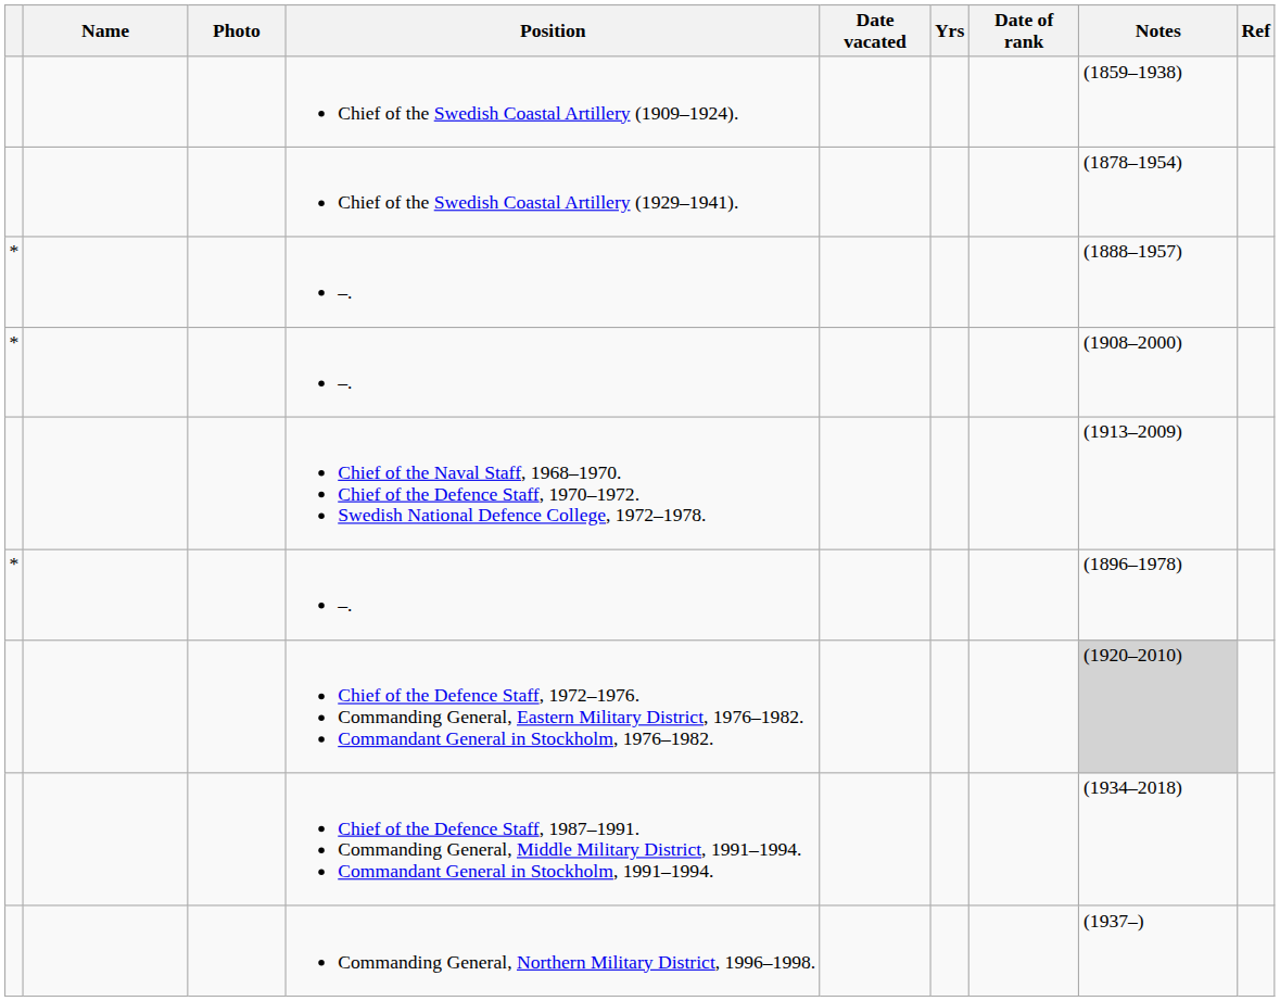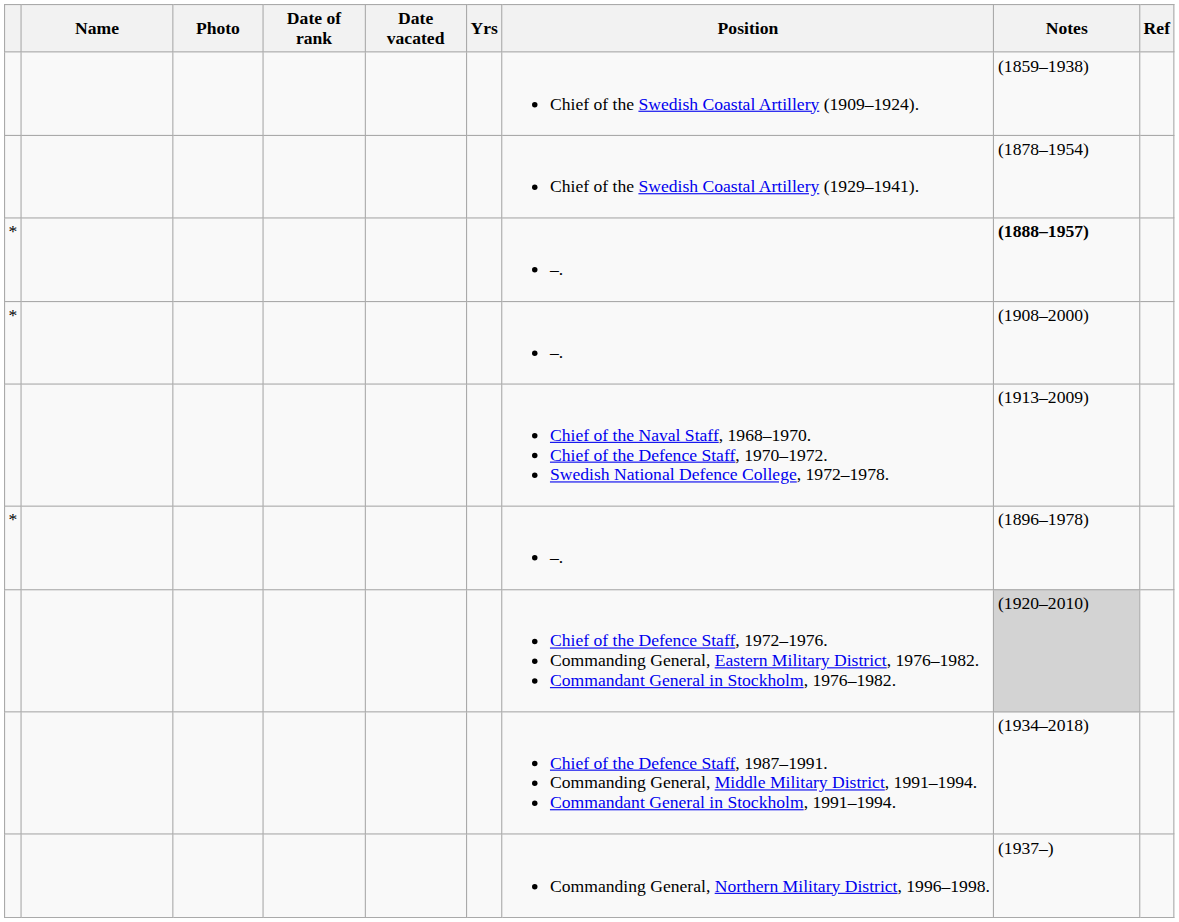 <table class="wikitable sortable">
 <tr>
 <th></th>
 <th width=130>Name</th>
 <th width=75 class="unsortable">Photo</th>
-<th class="unsortable">Position</th>
+<th width=85>Date of rank</th>
 <th width=85>Date vacated</th>
 <th width=20>Yrs</th>
-<th width=85>Date of rank</th>
+<th class="unsortable">Position</th>
 <th width=125 class="unsortable">Notes</th>
 <th class="unsortable">Ref</th>
 </tr>
 <tr valign=top>
 <td align=right></td>
 <td></td>
 <td></td>
-<td><br><ul><li>Chief of the <a href='#'>Swedish Coastal Artillery</a> (1909–1924).</li></ul></td>
 <td align=right>  </td>
 <td align=right>  </td>
 <td align=right>  </td>
+<td><br><ul><li>Chief of the <a href='#'>Swedish Coastal Artillery</a> (1909–1924).</li></ul></td>
 <td>(1859–1938)</td>
 <td></td>
 </tr>
 <tr valign=top>
 <td align=right></td>
 <td></td>
 <td></td>
-<td><br><ul><li>Chief of the <a href='#'>Swedish Coastal Artillery</a> (1929–1941).</li></ul></td>
 <td align=right>  </td>
 <td align=right>  </td>
 <td align=right>  </td>
+<td><br><ul><li>Chief of the <a href='#'>Swedish Coastal Artillery</a> (1929–1941).</li></ul></td>
 <td>(1878–1954)</td>
 <td></td>
 </tr>
 <tr valign=top>
 <td align=right>*</td>
 <td></td>
 <td></td>
-<td><br><ul><li>–.</li></ul></td>
 <td align=right>  </td>
 <td align=right>  </td>
 <td align=right>  </td>
-<td>(1888–1957)</td>
+<td><br><ul><li>–.</li></ul></td>
+<td><strong>(1888–1957)</strong></td>
 <td></td>
 </tr>
 <tr valign=top>
 <td align=right>*</td>
 <td></td>
 <td></td>
-<td><br><ul><li>–.</li></ul></td>
 <td align=right>  </td>
 <td align=right>  </td>
 <td align=right>  </td>
+<td><br><ul><li>–.</li></ul></td>
 <td>(1908–2000)</td>
 <td></td>
 </tr>
 <tr valign=top>
 <td align=right></td>
 <td></td>
 <td></td>
-<td><br><ul><li><a href='#'>Chief of the Naval Staff</a>, 1968–1970.</li><li><a href='#'>Chief of the Defence Staff</a>, 1970–1972.</li><li><a href='#'>Swedish National Defence College</a>, 1972–1978.</li></ul></td>
 <td align=right>  </td>
 <td align=right>  </td>
 <td align=right>  </td>
+<td><br><ul><li><a href='#'>Chief of the Naval Staff</a>, 1968–1970.</li><li><a href='#'>Chief of the Defence Staff</a>, 1970–1972.</li><li><a href='#'>Swedish National Defence College</a>, 1972–1978.</li></ul></td>
 <td>(1913–2009)</td>
 <td></td>
 </tr>
 <tr valign=top>
 <td align=right>*</td>
 <td></td>
 <td></td>
-<td><br><ul><li>–.</li></ul></td>
 <td align=right>  </td>
 <td align=right>  </td>
 <td align=right>  </td>
+<td><br><ul><li>–.</li></ul></td>
 <td>(1896–1978)</td>
 <td></td>
 </tr>
 <tr valign=top>
 <td align=right></td>
 <td></td>
 <td></td>
-<td><br><ul><li><a href='#'>Chief of the Defence Staff</a>, 1972–1976.</li><li>Commanding General, <a href='#'>Eastern Military District</a>, 1976–1982.</li><li><a href='#'>Commandant General in Stockholm</a>, 1976–1982.</li></ul></td>
 <td align=right>  </td>
 <td align=right>  </td>
 <td align=right>  </td>
+<td><br><ul><li><a href='#'>Chief of the Defence Staff</a>, 1972–1976.</li><li>Commanding General, <a href='#'>Eastern Military District</a>, 1976–1982.</li><li><a href='#'>Commandant General in Stockholm</a>, 1976–1982.</li></ul></td>
 <td style="background: lightgrey;">(1920–2010)</td>
 <td></td>
 </tr>
 <tr valign=top>
 <td align=right></td>
 <td></td>
 <td></td>
-<td><br><ul><li><a href='#'>Chief of the Defence Staff</a>, 1987–1991.</li><li>Commanding General, <a href='#'>Middle Military District</a>, 1991–1994.</li><li><a href='#'>Commandant General in Stockholm</a>, 1991–1994.</li></ul></td>
 <td align=right>  </td>
 <td align=right>  </td>
 <td align=right>  </td>
+<td><br><ul><li><a href='#'>Chief of the Defence Staff</a>, 1987–1991.</li><li>Commanding General, <a href='#'>Middle Military District</a>, 1991–1994.</li><li><a href='#'>Commandant General in Stockholm</a>, 1991–1994.</li></ul></td>
 <td>(1934–2018)</td>
 <td></td>
 </tr>
 <tr valign=top>
 <td align=right></td>
 <td></td>
 <td></td>
-<td><br><ul><li>Commanding General, <a href='#'>Northern Military District</a>, 1996–1998.</li></ul></td>
 <td align=right>  </td>
 <td align=right>  </td>
 <td align=right>  </td>
+<td><br><ul><li>Commanding General, <a href='#'>Northern Military District</a>, 1996–1998.</li></ul></td>
 <td>(1937–)</td>
 <td></td>
 </tr>
 </table>
